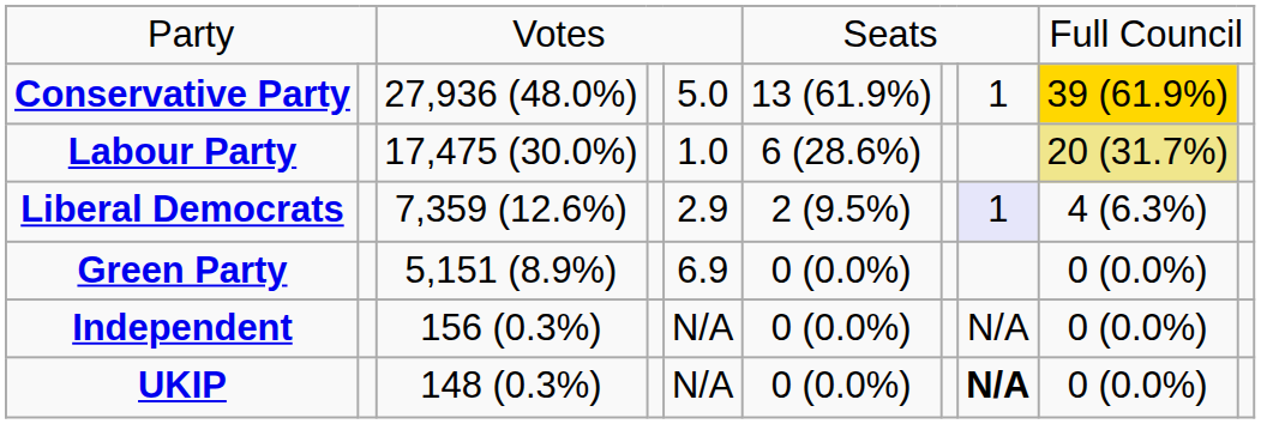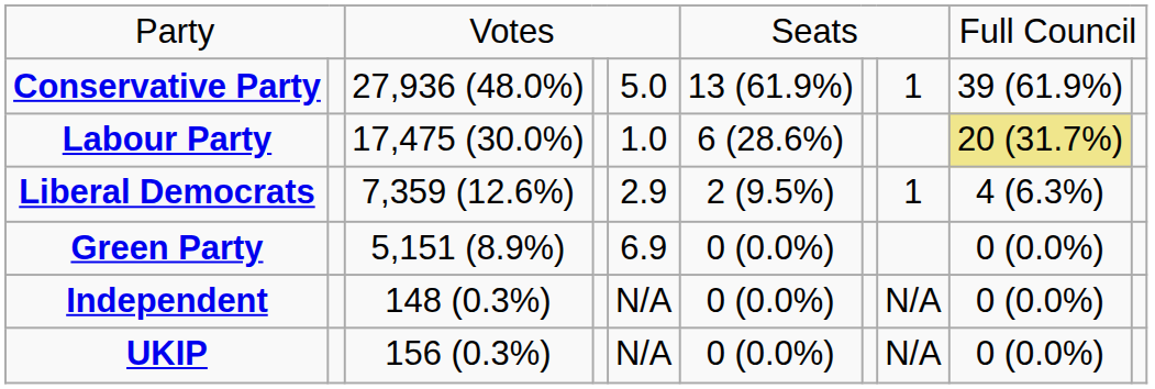 <table class=wikitable style="text-align:center;">
 <tr>
 <td colspan=2>Party</td>
 <td colspan=3>Votes</td>
 <td colspan=3>Seats</td>
 <td colspan=3>Full Council</td>
 </tr>
 <tr>
 <td><strong><a href='#'>Conservative Party</a></strong></td>
 <td style="background:"></td>
 <td>27,936 (48.0%)</td>
 <td></td>
 <td> 5.0</td>
 <td>13 (61.9%)</td>
 <td></td>
 <td> 1</td>
-<td style="background: gold;">39 (61.9%)</td>
+<td>39 (61.9%)</td>
 <td></td>
 </tr>
 <tr>
 <td><strong><a href='#'>Labour Party</a></strong></td>
 <td style="background:"></td>
 <td>17,475 (30.0%)</td>
 <td></td>
 <td> 1.0</td>
 <td>6 (28.6%)</td>
 <td></td>
 <td></td>
 <td style="background: khaki;">20 (31.7%)</td>
 <td></td>
 </tr>
 <tr>
 <td><strong><a href='#'>Liberal Democrats</a></strong></td>
 <td style="background:"></td>
 <td>7,359 (12.6%)</td>
 <td></td>
 <td> 2.9</td>
 <td>2 (9.5%)</td>
 <td></td>
-<td style="background: lavender;"> 1</td>
+<td> 1</td>
 <td>4 (6.3%)</td>
 <td></td>
 </tr>
 <tr>
 <td><strong><a href='#'>Green Party</a></strong></td>
 <td style="background:"></td>
 <td>5,151 (8.9%)</td>
 <td></td>
 <td> 6.9</td>
 <td>0 (0.0%)</td>
 <td></td>
 <td></td>
 <td>0 (0.0%)</td>
 <td></td>
 </tr>
 <tr>
 <td><strong><a href='#'>Independent</a></strong></td>
 <td style="background:"></td>
-<td>156 (0.3%)</td>
+<td>148 (0.3%)</td>
 <td></td>
 <td>N/A</td>
 <td>0 (0.0%)</td>
 <td></td>
 <td>N/A</td>
 <td>0 (0.0%)</td>
 <td></td>
 </tr>
 <tr>
 <td><strong><a href='#'>UKIP</a></strong></td>
 <td style="background:"></td>
-<td>148 (0.3%)</td>
+<td>156 (0.3%)</td>
 <td></td>
 <td>N/A</td>
 <td>0 (0.0%)</td>
 <td></td>
-<td><strong>N/A</strong></td>
+<td>N/A</td>
 <td>0 (0.0%)</td>
 <td></td>
 </tr>
 </table>
